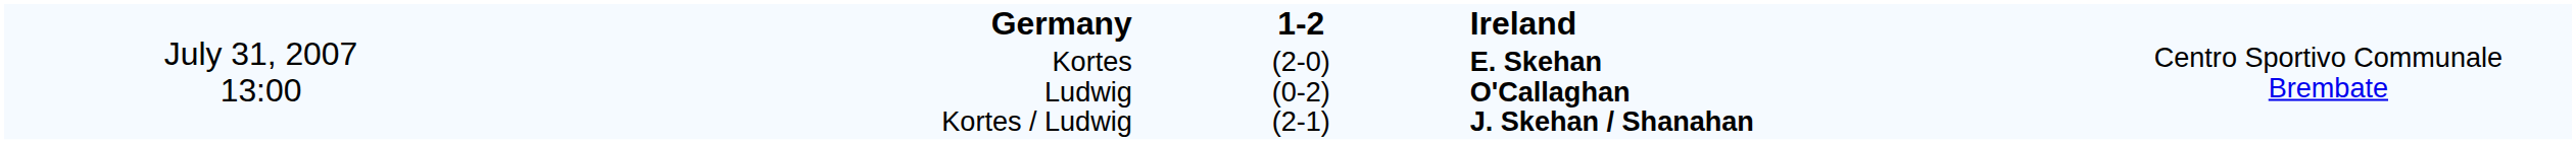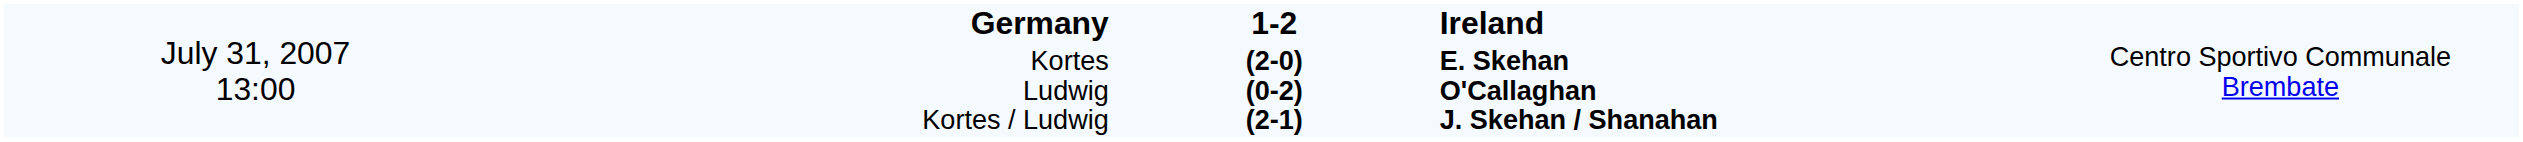 <table style="width: 100%; background:#F5FAFF;" cellspacing="0">
 <tr>
 <td align=center rowspan=3 width=20%>July 31, 2007<br>13:00</td>
 </tr>
 <tr>
 <td width=24% align=right><strong>Germany</strong></td>
 <td align=center width=13%><strong>1-2</strong></td>
 <td width=24%><strong>Ireland</strong></td>
 <td style=font-size:85% rowspan=3 valign=middle align=center>Centro Sportivo Communale<br><a href='#'>Brembate</a></td>
 </tr>
 <tr style=font-size:85%>
 <td align=right valign=top>Kortes<br>Ludwig<br>Kortes / Ludwig</td>
-<td align=center>(2-0)<br>(0-2)<br>(2-1)</td>
+<td align=center><strong>(2-0)<br>(0-2)<br>(2-1)</strong></td>
 <td><strong>E. Skehan<br>O'Callaghan<br>J. Skehan / Shanahan</strong></td>
 </tr>
 </table>
